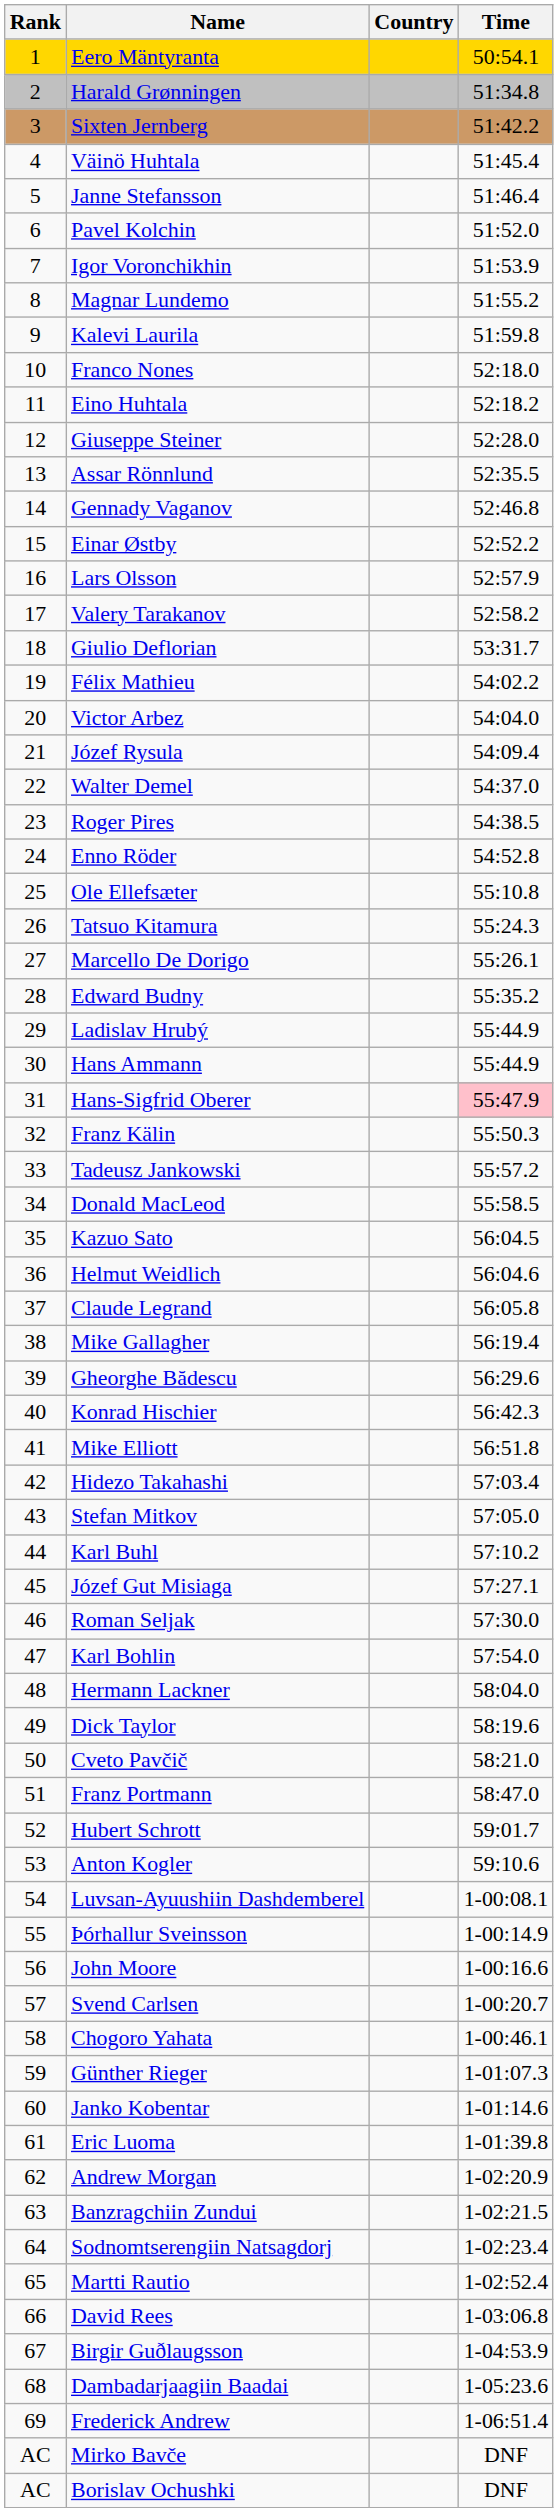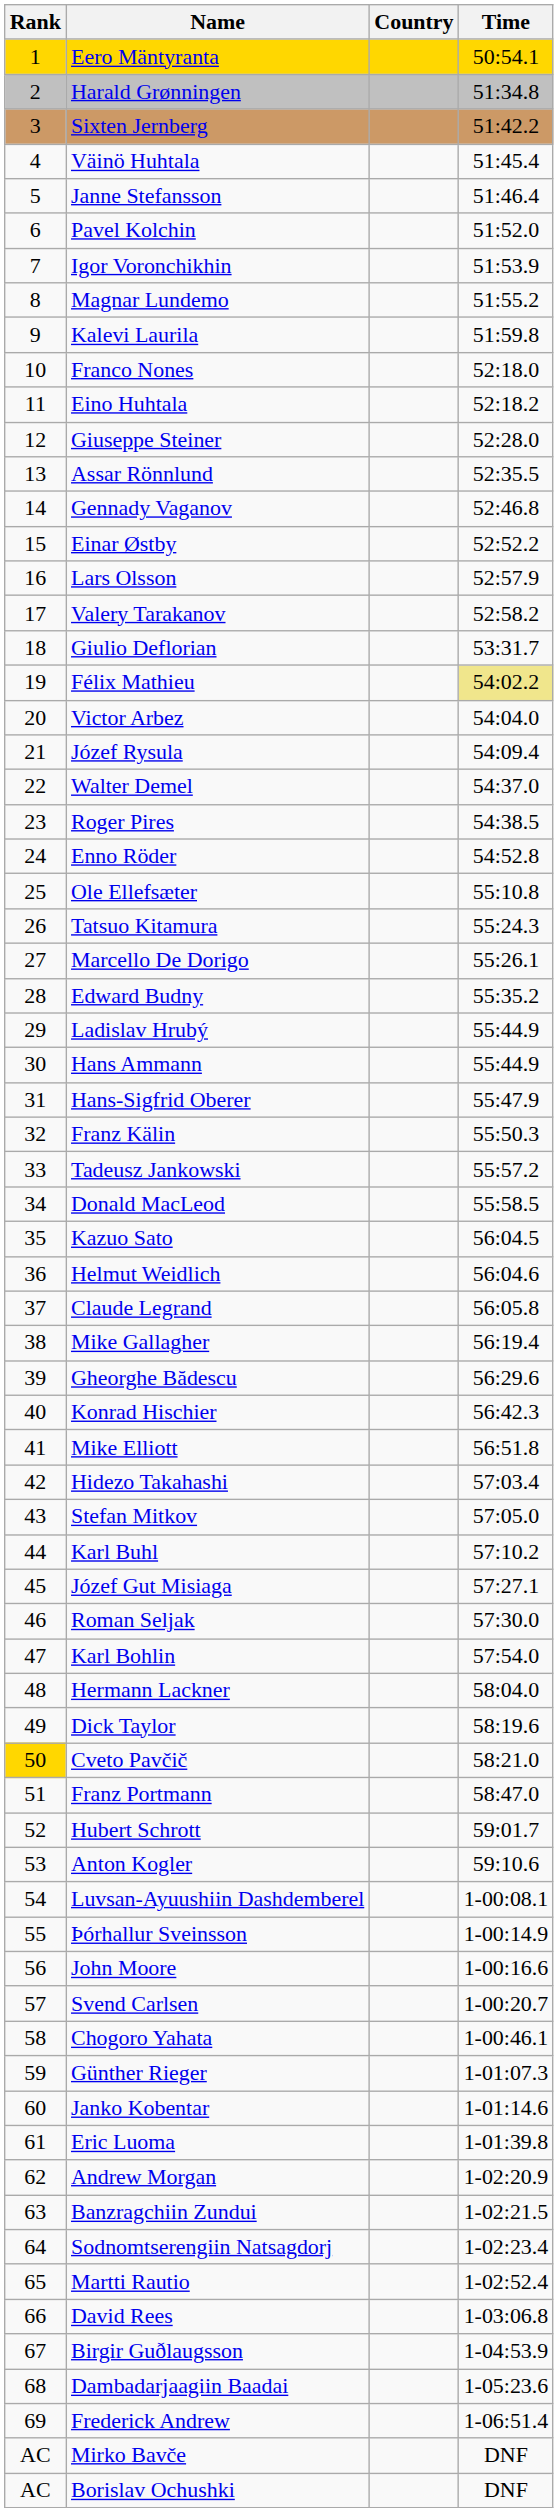 <table class="wikitable sortable" style="text-align:center">
 <tr>
 <th>Rank</th>
 <th>Name</th>
 <th>Country</th>
 <th>Time</th>
 </tr>
 <tr bgcolor=gold>
 <td>1</td>
 <td align="left"><a href='#'>Eero Mäntyranta</a></td>
 <td align="left"></td>
 <td>50:54.1</td>
 </tr>
 <tr bgcolor=silver>
 <td>2</td>
 <td align="left"><a href='#'>Harald Grønningen</a></td>
 <td align="left"></td>
 <td>51:34.8</td>
 </tr>
 <tr bgcolor=#CC9966>
 <td>3</td>
 <td align="left"><a href='#'>Sixten Jernberg</a></td>
 <td align="left"></td>
 <td>51:42.2</td>
 </tr>
 <tr>
 <td>4</td>
 <td align="left"><a href='#'>Väinö Huhtala</a></td>
 <td align="left"></td>
 <td>51:45.4</td>
 </tr>
 <tr>
 <td>5</td>
 <td align="left"><a href='#'>Janne Stefansson</a></td>
 <td align="left"></td>
 <td>51:46.4</td>
 </tr>
 <tr>
 <td>6</td>
 <td align="left"><a href='#'>Pavel Kolchin</a></td>
 <td align="left"></td>
 <td>51:52.0</td>
 </tr>
 <tr>
 <td>7</td>
 <td align="left"><a href='#'>Igor Voronchikhin</a></td>
 <td align="left"></td>
 <td>51:53.9</td>
 </tr>
 <tr>
 <td>8</td>
 <td align="left"><a href='#'>Magnar Lundemo</a></td>
 <td align="left"></td>
 <td>51:55.2</td>
 </tr>
 <tr>
 <td>9</td>
 <td align="left"><a href='#'>Kalevi Laurila</a></td>
 <td align="left"></td>
 <td>51:59.8</td>
 </tr>
 <tr>
 <td>10</td>
 <td align="left"><a href='#'>Franco Nones</a></td>
 <td align="left"></td>
 <td>52:18.0</td>
 </tr>
 <tr>
 <td>11</td>
 <td align="left"><a href='#'>Eino Huhtala</a></td>
 <td align="left"></td>
 <td>52:18.2</td>
 </tr>
 <tr>
 <td>12</td>
 <td align="left"><a href='#'>Giuseppe Steiner</a></td>
 <td align="left"></td>
 <td>52:28.0</td>
 </tr>
 <tr>
 <td>13</td>
 <td align="left"><a href='#'>Assar Rönnlund</a></td>
 <td align="left"></td>
 <td>52:35.5</td>
 </tr>
 <tr>
 <td>14</td>
 <td align="left"><a href='#'>Gennady Vaganov</a></td>
 <td align="left"></td>
 <td>52:46.8</td>
 </tr>
 <tr>
 <td>15</td>
 <td align="left"><a href='#'>Einar Østby</a></td>
 <td align="left"></td>
 <td>52:52.2</td>
 </tr>
 <tr>
 <td>16</td>
 <td align="left"><a href='#'>Lars Olsson</a></td>
 <td align="left"></td>
 <td>52:57.9</td>
 </tr>
 <tr>
 <td>17</td>
 <td align="left"><a href='#'>Valery Tarakanov</a></td>
 <td align="left"></td>
 <td>52:58.2</td>
 </tr>
 <tr>
 <td>18</td>
 <td align="left"><a href='#'>Giulio Deflorian</a></td>
 <td align="left"></td>
 <td>53:31.7</td>
 </tr>
 <tr>
 <td>19</td>
 <td align="left"><a href='#'>Félix Mathieu</a></td>
 <td align="left"></td>
-<td>54:02.2</td>
+<td style="background: khaki;">54:02.2</td>
 </tr>
 <tr>
 <td>20</td>
 <td align="left"><a href='#'>Victor Arbez</a></td>
 <td align="left"></td>
 <td>54:04.0</td>
 </tr>
 <tr>
 <td>21</td>
 <td align="left"><a href='#'>Józef Rysula</a></td>
 <td align="left"></td>
 <td>54:09.4</td>
 </tr>
 <tr>
 <td>22</td>
 <td align="left"><a href='#'>Walter Demel</a></td>
 <td align="left"></td>
 <td>54:37.0</td>
 </tr>
 <tr>
 <td>23</td>
 <td align="left"><a href='#'>Roger Pires</a></td>
 <td align="left"></td>
 <td>54:38.5</td>
 </tr>
 <tr>
 <td>24</td>
 <td align="left"><a href='#'>Enno Röder</a></td>
 <td align="left"></td>
 <td>54:52.8</td>
 </tr>
 <tr>
 <td>25</td>
 <td align="left"><a href='#'>Ole Ellefsæter</a></td>
 <td align="left"></td>
 <td>55:10.8</td>
 </tr>
 <tr>
 <td>26</td>
 <td align="left"><a href='#'>Tatsuo Kitamura</a></td>
 <td align="left"></td>
 <td>55:24.3</td>
 </tr>
 <tr>
 <td>27</td>
 <td align="left"><a href='#'>Marcello De Dorigo</a></td>
 <td align="left"></td>
 <td>55:26.1</td>
 </tr>
 <tr>
 <td>28</td>
 <td align="left"><a href='#'>Edward Budny</a></td>
 <td align="left"></td>
 <td>55:35.2</td>
 </tr>
 <tr>
 <td>29</td>
 <td align="left"><a href='#'>Ladislav Hrubý</a></td>
 <td align="left"></td>
 <td>55:44.9</td>
 </tr>
 <tr>
 <td>30</td>
 <td align="left"><a href='#'>Hans Ammann</a></td>
 <td align="left"></td>
 <td>55:44.9</td>
 </tr>
 <tr>
 <td>31</td>
 <td align="left"><a href='#'>Hans-Sigfrid Oberer</a></td>
 <td align="left"></td>
-<td style="background: pink;">55:47.9</td>
+<td>55:47.9</td>
 </tr>
 <tr>
 <td>32</td>
 <td align="left"><a href='#'>Franz Kälin</a></td>
 <td align="left"></td>
 <td>55:50.3</td>
 </tr>
 <tr>
 <td>33</td>
 <td align="left"><a href='#'>Tadeusz Jankowski</a></td>
 <td align="left"></td>
 <td>55:57.2</td>
 </tr>
 <tr>
 <td>34</td>
 <td align="left"><a href='#'>Donald MacLeod</a></td>
 <td align="left"></td>
 <td>55:58.5</td>
 </tr>
 <tr>
 <td>35</td>
 <td align="left"><a href='#'>Kazuo Sato</a></td>
 <td align="left"></td>
 <td>56:04.5</td>
 </tr>
 <tr>
 <td>36</td>
 <td align="left"><a href='#'>Helmut Weidlich</a></td>
 <td align="left"></td>
 <td>56:04.6</td>
 </tr>
 <tr>
 <td>37</td>
 <td align="left"><a href='#'>Claude Legrand</a></td>
 <td align="left"></td>
 <td>56:05.8</td>
 </tr>
 <tr>
 <td>38</td>
 <td align="left"><a href='#'>Mike Gallagher</a></td>
 <td align="left"></td>
 <td>56:19.4</td>
 </tr>
 <tr>
 <td>39</td>
 <td align="left"><a href='#'>Gheorghe Bădescu</a></td>
 <td align="left"></td>
 <td>56:29.6</td>
 </tr>
 <tr>
 <td>40</td>
 <td align="left"><a href='#'>Konrad Hischier</a></td>
 <td align="left"></td>
 <td>56:42.3</td>
 </tr>
 <tr>
 <td>41</td>
 <td align="left"><a href='#'>Mike Elliott</a></td>
 <td align="left"></td>
 <td>56:51.8</td>
 </tr>
 <tr>
 <td>42</td>
 <td align="left"><a href='#'>Hidezo Takahashi</a></td>
 <td align="left"></td>
 <td>57:03.4</td>
 </tr>
 <tr>
 <td>43</td>
 <td align="left"><a href='#'>Stefan Mitkov</a></td>
 <td align="left"></td>
 <td>57:05.0</td>
 </tr>
 <tr>
 <td>44</td>
 <td align="left"><a href='#'>Karl Buhl</a></td>
 <td align="left"></td>
 <td>57:10.2</td>
 </tr>
 <tr>
 <td>45</td>
 <td align="left"><a href='#'>Józef Gut Misiaga</a></td>
 <td align="left"></td>
 <td>57:27.1</td>
 </tr>
 <tr>
 <td>46</td>
 <td align="left"><a href='#'>Roman Seljak</a></td>
 <td align="left"></td>
 <td>57:30.0</td>
 </tr>
 <tr>
 <td>47</td>
 <td align="left"><a href='#'>Karl Bohlin</a></td>
 <td align="left"></td>
 <td>57:54.0</td>
 </tr>
 <tr>
 <td>48</td>
 <td align="left"><a href='#'>Hermann Lackner</a></td>
 <td align="left"></td>
 <td>58:04.0</td>
 </tr>
 <tr>
 <td>49</td>
 <td align="left"><a href='#'>Dick Taylor</a></td>
 <td align="left"></td>
 <td>58:19.6</td>
 </tr>
 <tr>
-<td>50</td>
+<td style="background: gold;">50</td>
 <td align="left"><a href='#'>Cveto Pavčič</a></td>
 <td align="left"></td>
 <td>58:21.0</td>
 </tr>
 <tr>
 <td>51</td>
 <td align="left"><a href='#'>Franz Portmann</a></td>
 <td align="left"></td>
 <td>58:47.0</td>
 </tr>
 <tr>
 <td>52</td>
 <td align="left"><a href='#'>Hubert Schrott</a></td>
 <td align="left"></td>
 <td>59:01.7</td>
 </tr>
 <tr>
 <td>53</td>
 <td align="left"><a href='#'>Anton Kogler</a></td>
 <td align="left"></td>
 <td>59:10.6</td>
 </tr>
 <tr>
 <td>54</td>
 <td align="left"><a href='#'>Luvsan-Ayuushiin Dashdemberel</a></td>
 <td align="left"></td>
 <td>1-00:08.1</td>
 </tr>
 <tr>
 <td>55</td>
 <td align="left"><a href='#'>Þórhallur Sveinsson</a></td>
 <td align="left"></td>
 <td>1-00:14.9</td>
 </tr>
 <tr>
 <td>56</td>
 <td align="left"><a href='#'>John Moore</a></td>
 <td align="left"></td>
 <td>1-00:16.6</td>
 </tr>
 <tr>
 <td>57</td>
 <td align="left"><a href='#'>Svend Carlsen</a></td>
 <td align="left"></td>
 <td>1-00:20.7</td>
 </tr>
 <tr>
 <td>58</td>
 <td align="left"><a href='#'>Chogoro Yahata</a></td>
 <td align="left"></td>
 <td>1-00:46.1</td>
 </tr>
 <tr>
 <td>59</td>
 <td align="left"><a href='#'>Günther Rieger</a></td>
 <td align="left"></td>
 <td>1-01:07.3</td>
 </tr>
 <tr>
 <td>60</td>
 <td align="left"><a href='#'>Janko Kobentar</a></td>
 <td align="left"></td>
 <td>1-01:14.6</td>
 </tr>
 <tr>
 <td>61</td>
 <td align="left"><a href='#'>Eric Luoma</a></td>
 <td align="left"></td>
 <td>1-01:39.8</td>
 </tr>
 <tr>
 <td>62</td>
 <td align="left"><a href='#'>Andrew Morgan</a></td>
 <td align="left"></td>
 <td>1-02:20.9</td>
 </tr>
 <tr>
 <td>63</td>
 <td align="left"><a href='#'>Banzragchiin Zundui</a></td>
 <td align="left"></td>
 <td>1-02:21.5</td>
 </tr>
 <tr>
 <td>64</td>
 <td align="left"><a href='#'>Sodnomtserengiin Natsagdorj</a></td>
 <td align="left"></td>
 <td>1-02:23.4</td>
 </tr>
 <tr>
 <td>65</td>
 <td align="left"><a href='#'>Martti Rautio</a></td>
 <td align="left"></td>
 <td>1-02:52.4</td>
 </tr>
 <tr>
 <td>66</td>
 <td align="left"><a href='#'>David Rees</a></td>
 <td align="left"></td>
 <td>1-03:06.8</td>
 </tr>
 <tr>
 <td>67</td>
 <td align="left"><a href='#'>Birgir Guðlaugsson</a></td>
 <td align="left"></td>
 <td>1-04:53.9</td>
 </tr>
 <tr>
 <td>68</td>
 <td align="left"><a href='#'>Dambadarjaagiin Baadai</a></td>
 <td align="left"></td>
 <td>1-05:23.6</td>
 </tr>
 <tr>
 <td>69</td>
 <td align="left"><a href='#'>Frederick Andrew</a></td>
 <td align="left"></td>
 <td>1-06:51.4</td>
 </tr>
 <tr>
 <td>AC</td>
 <td align="left"><a href='#'>Mirko Bavče</a></td>
 <td align="left"></td>
 <td>DNF</td>
 </tr>
 <tr>
 <td>AC</td>
 <td align="left"><a href='#'>Borislav Ochushki</a></td>
 <td align="left"></td>
 <td>DNF</td>
 </tr>
 </table>
